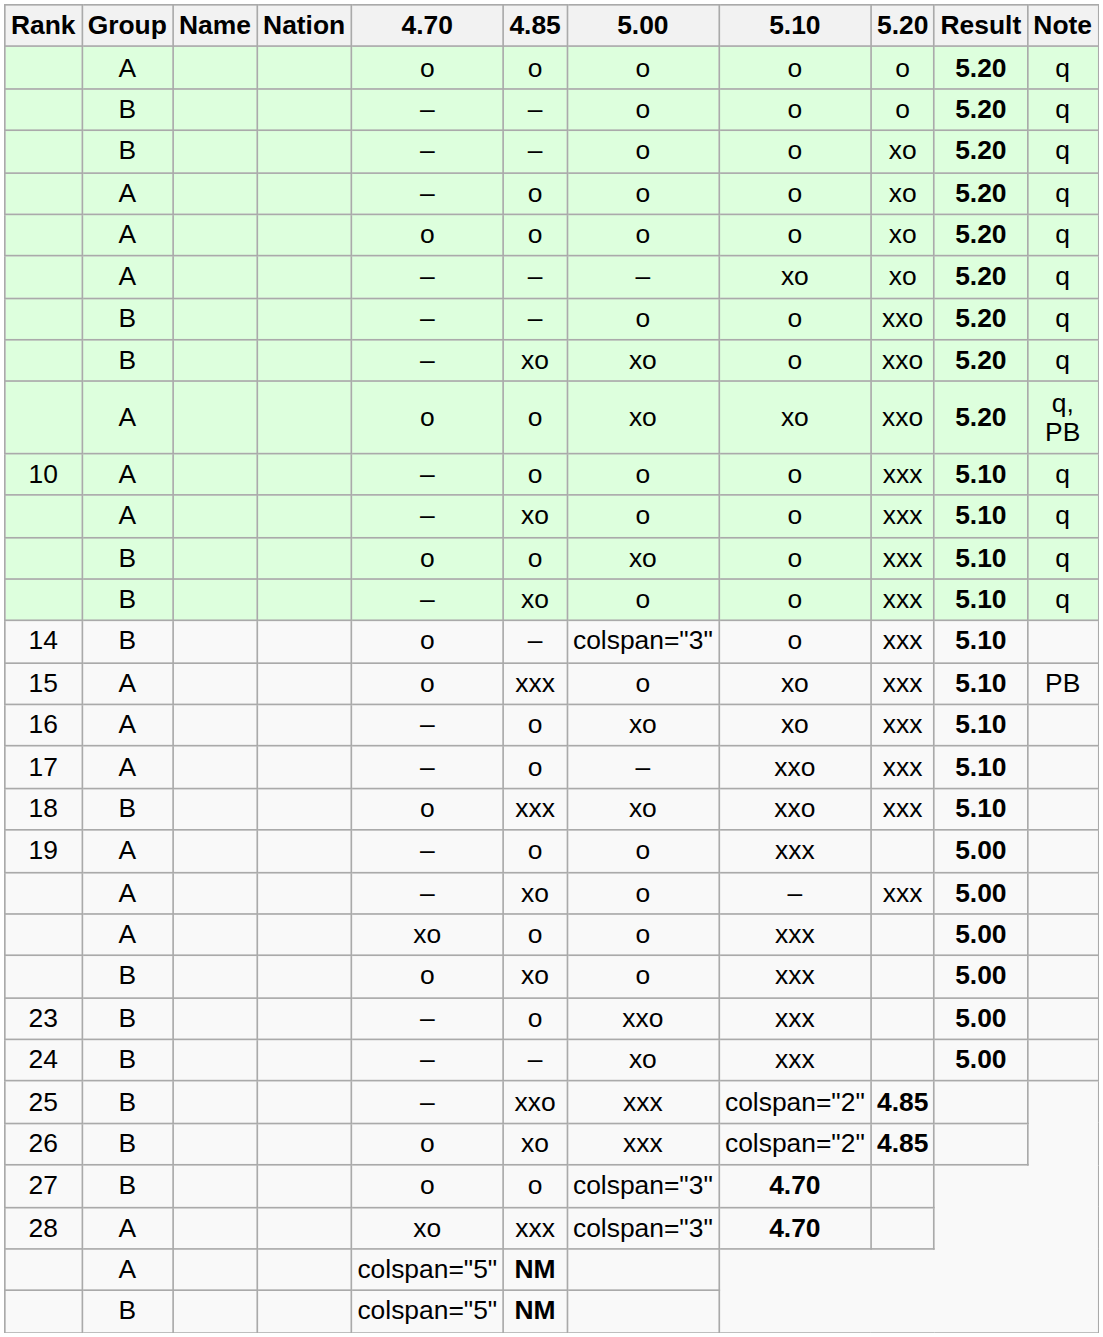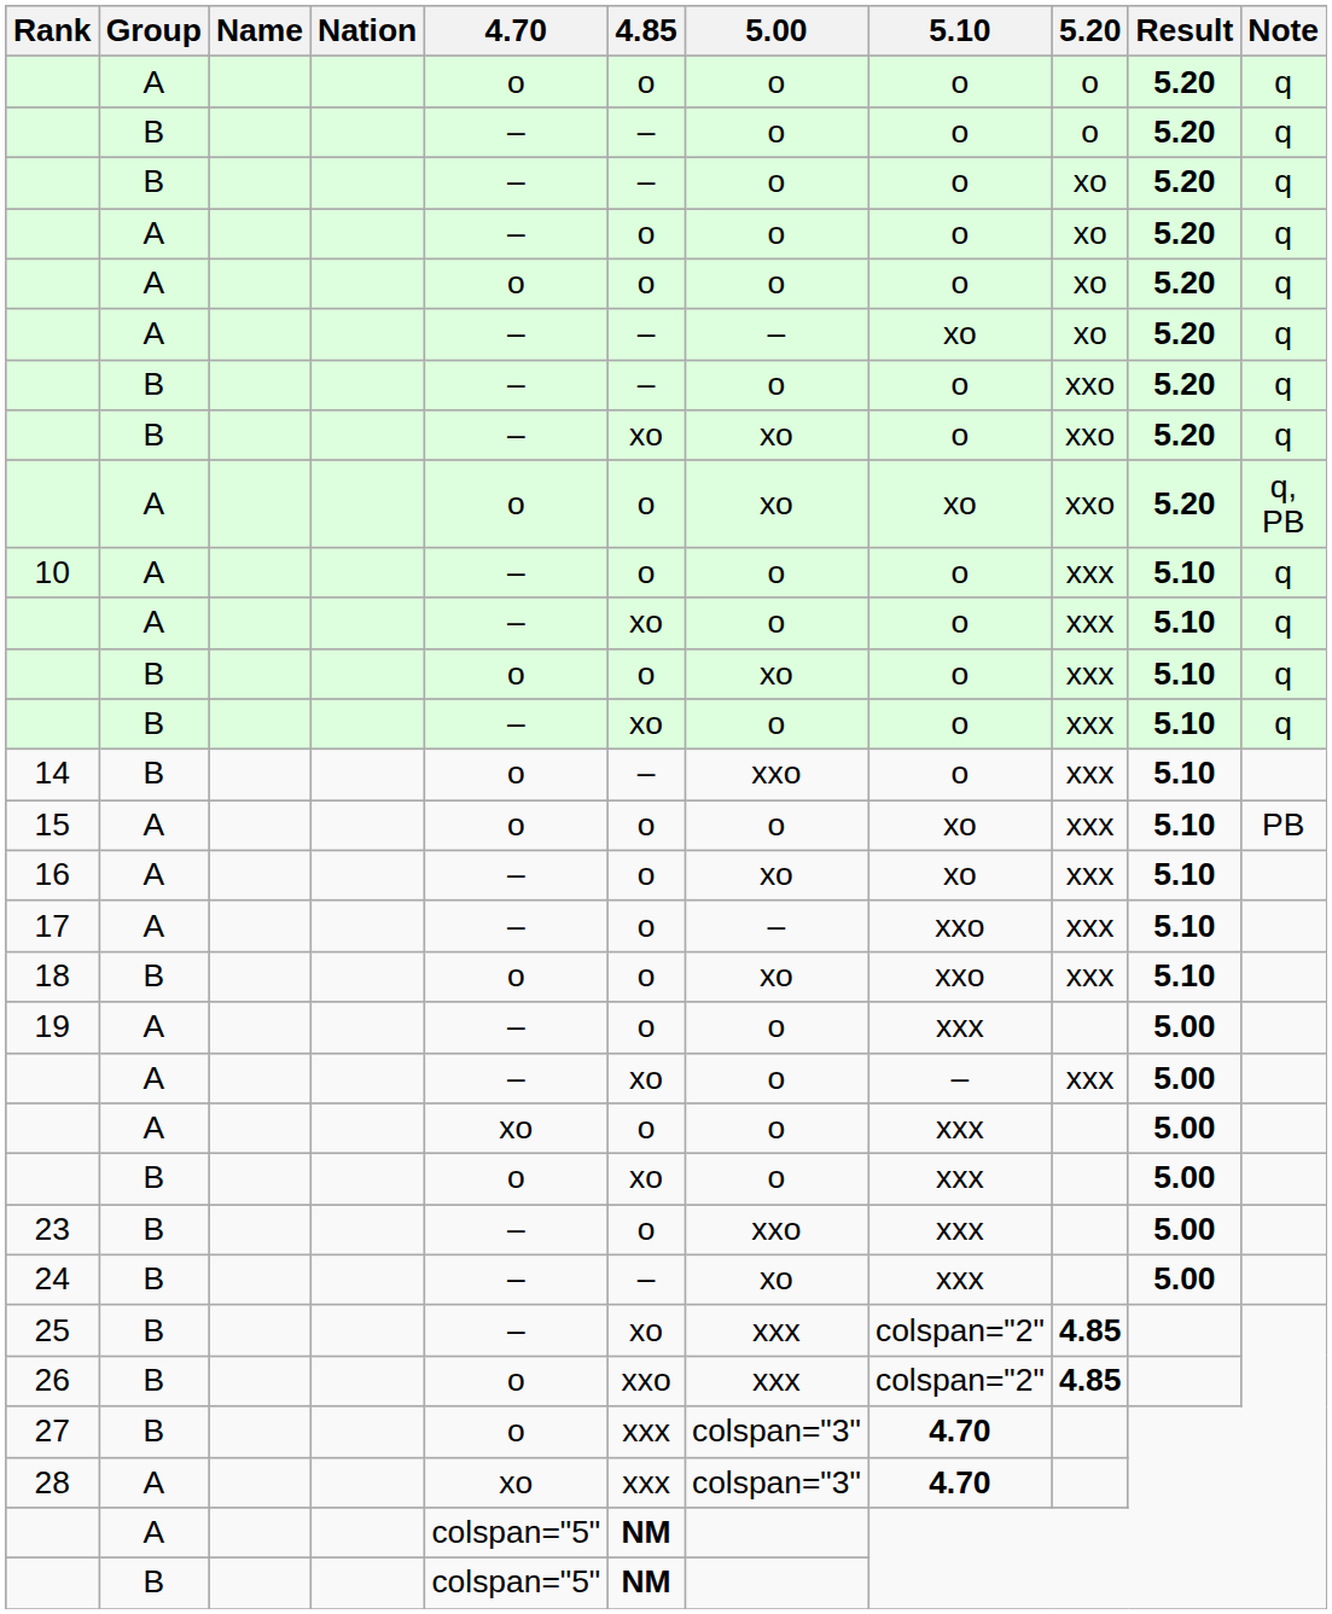 <table class="wikitable sortable" style="text-align:center">
 <tr>
 <th>Rank</th>
 <th>Group</th>
 <th>Name</th>
 <th>Nation</th>
 <th>4.70</th>
 <th>4.85</th>
 <th>5.00</th>
 <th>5.10</th>
 <th>5.20</th>
 <th>Result</th>
 <th>Note</th>
 </tr>
 <tr bgcolor=ddffdd>
 <td></td>
 <td>A</td>
 <td align=left></td>
 <td align=left></td>
 <td>o</td>
 <td>o</td>
 <td>o</td>
 <td>o</td>
 <td>o</td>
 <td><strong>5.20</strong></td>
 <td>q</td>
 </tr>
 <tr bgcolor=ddffdd>
 <td></td>
 <td>B</td>
 <td align=left></td>
 <td align=left></td>
 <td>–</td>
 <td>–</td>
 <td>o</td>
 <td>o</td>
 <td>o</td>
 <td><strong>5.20</strong></td>
 <td>q</td>
 </tr>
 <tr bgcolor=ddffdd>
 <td></td>
 <td>B</td>
 <td align=left></td>
 <td align=left></td>
 <td>–</td>
 <td>–</td>
 <td>o</td>
 <td>o</td>
 <td>xo</td>
 <td><strong>5.20</strong></td>
 <td>q</td>
 </tr>
 <tr bgcolor=ddffdd>
 <td></td>
 <td>A</td>
 <td align=left></td>
 <td align=left></td>
 <td>–</td>
 <td>o</td>
 <td>o</td>
 <td>o</td>
 <td>xo</td>
 <td><strong>5.20</strong></td>
 <td>q</td>
 </tr>
 <tr bgcolor=ddffdd>
 <td></td>
 <td>A</td>
 <td align=left></td>
 <td align=left></td>
 <td>o</td>
 <td>o</td>
 <td>o</td>
 <td>o</td>
 <td>xo</td>
 <td><strong>5.20</strong></td>
 <td>q</td>
 </tr>
 <tr bgcolor=ddffdd>
 <td></td>
 <td>A</td>
 <td align=left></td>
 <td align=left></td>
 <td>–</td>
 <td>–</td>
 <td>–</td>
 <td>xo</td>
 <td>xo</td>
 <td><strong>5.20</strong></td>
 <td>q</td>
 </tr>
 <tr bgcolor=ddffdd>
 <td></td>
 <td>B</td>
 <td align=left></td>
 <td align=left></td>
 <td>–</td>
 <td>–</td>
 <td>o</td>
 <td>o</td>
 <td>xxo</td>
 <td><strong>5.20</strong></td>
 <td>q</td>
 </tr>
 <tr bgcolor=ddffdd>
 <td></td>
 <td>B</td>
 <td align=left></td>
 <td align=left></td>
 <td>–</td>
 <td>xo</td>
 <td>xo</td>
 <td>o</td>
 <td>xxo</td>
 <td><strong>5.20</strong></td>
 <td>q</td>
 </tr>
 <tr bgcolor=ddffdd>
 <td></td>
 <td>A</td>
 <td align=left></td>
 <td align=left></td>
 <td>o</td>
 <td>o</td>
 <td>xo</td>
 <td>xo</td>
 <td>xxo</td>
 <td><strong>5.20</strong></td>
 <td>q, PB</td>
 </tr>
 <tr bgcolor=ddffdd>
 <td>10</td>
 <td>A</td>
 <td align=left></td>
 <td align=left></td>
 <td>–</td>
 <td>o</td>
 <td>o</td>
 <td>o</td>
 <td>xxx</td>
 <td><strong>5.10</strong></td>
 <td>q</td>
 </tr>
 <tr bgcolor=ddffdd>
 <td></td>
 <td>A</td>
 <td align=left></td>
 <td align=left></td>
 <td>–</td>
 <td>xo</td>
 <td>o</td>
 <td>o</td>
 <td>xxx</td>
 <td><strong>5.10</strong></td>
 <td>q</td>
 </tr>
 <tr bgcolor=ddffdd>
 <td></td>
 <td>B</td>
 <td align=left></td>
 <td align=left></td>
 <td>o</td>
 <td>o</td>
 <td>xo</td>
 <td>o</td>
 <td>xxx</td>
 <td><strong>5.10</strong></td>
 <td>q</td>
 </tr>
 <tr bgcolor=ddffdd>
 <td></td>
 <td>B</td>
 <td align=left></td>
 <td align=left></td>
 <td>–</td>
 <td>xo</td>
 <td>o</td>
 <td>o</td>
 <td>xxx</td>
 <td><strong>5.10</strong></td>
 <td>q</td>
 </tr>
 <tr>
 <td>14</td>
 <td>B</td>
 <td align=left></td>
 <td align=left></td>
 <td>o</td>
 <td>–</td>
-<td>colspan="3" </td>
+<td>xxo</td>
 <td>o</td>
 <td>xxx</td>
 <td><strong>5.10</strong></td>
 <td></td>
 </tr>
 <tr>
 <td>15</td>
 <td>A</td>
 <td align=left></td>
 <td align=left></td>
 <td>o</td>
-<td>xxx</td>
+<td>o</td>
 <td>o</td>
 <td>xo</td>
 <td>xxx</td>
 <td><strong>5.10</strong></td>
 <td>PB</td>
 </tr>
 <tr>
 <td>16</td>
 <td>A</td>
 <td align=left></td>
 <td align=left></td>
 <td>–</td>
 <td>o</td>
 <td>xo</td>
 <td>xo</td>
 <td>xxx</td>
 <td><strong>5.10</strong></td>
 <td></td>
 </tr>
 <tr>
 <td>17</td>
 <td>A</td>
 <td align=left></td>
 <td align=left></td>
 <td>–</td>
 <td>o</td>
 <td>–</td>
 <td>xxo</td>
 <td>xxx</td>
 <td><strong>5.10</strong></td>
 <td></td>
 </tr>
 <tr>
 <td>18</td>
 <td>B</td>
 <td align=left></td>
 <td align=left></td>
 <td>o</td>
-<td>xxx</td>
+<td>o</td>
 <td>xo</td>
 <td>xxo</td>
 <td>xxx</td>
 <td><strong>5.10</strong></td>
 <td></td>
 </tr>
 <tr>
 <td>19</td>
 <td>A</td>
 <td align=left></td>
 <td align=left></td>
 <td>–</td>
 <td>o</td>
 <td>o</td>
 <td>xxx</td>
 <td></td>
 <td><strong>5.00</strong></td>
 <td></td>
 </tr>
 <tr>
 <td></td>
 <td>A</td>
 <td align=left></td>
 <td align=left></td>
 <td>–</td>
 <td>xo</td>
 <td>o</td>
 <td>–</td>
 <td>xxx</td>
 <td><strong>5.00</strong></td>
 <td></td>
 </tr>
 <tr>
 <td></td>
 <td>A</td>
 <td align=left></td>
 <td align=left></td>
 <td>xo</td>
 <td>o</td>
 <td>o</td>
 <td>xxx</td>
 <td></td>
 <td><strong>5.00</strong></td>
 <td></td>
 </tr>
 <tr>
 <td></td>
 <td>B</td>
 <td align=left></td>
 <td align=left></td>
 <td>o</td>
 <td>xo</td>
 <td>o</td>
 <td>xxx</td>
 <td></td>
 <td><strong>5.00</strong></td>
 <td></td>
 </tr>
 <tr>
 <td>23</td>
 <td>B</td>
 <td align=left></td>
 <td align=left></td>
 <td>–</td>
 <td>o</td>
 <td>xxo</td>
 <td>xxx</td>
 <td></td>
 <td><strong>5.00</strong></td>
 <td></td>
 </tr>
 <tr>
 <td>24</td>
 <td>B</td>
 <td align=left></td>
 <td align=left></td>
 <td>–</td>
 <td>–</td>
 <td>xo</td>
 <td>xxx</td>
 <td></td>
 <td><strong>5.00</strong></td>
 <td></td>
 </tr>
 <tr>
 <td>25</td>
 <td>B</td>
 <td align=left></td>
 <td align=left></td>
 <td>–</td>
-<td>xxo</td>
+<td>xo</td>
 <td>xxx</td>
 <td>colspan="2" </td>
 <td><strong>4.85</strong></td>
 <td></td>
 </tr>
 <tr>
 <td>26</td>
 <td>B</td>
 <td align=left></td>
 <td align=left></td>
 <td>o</td>
-<td>xo</td>
+<td>xxo</td>
 <td>xxx</td>
 <td>colspan="2" </td>
 <td><strong>4.85</strong></td>
 <td></td>
 </tr>
 <tr>
 <td>27</td>
 <td>B</td>
 <td align=left></td>
 <td align=left></td>
 <td>o</td>
-<td>o</td>
+<td>xxx</td>
 <td>colspan="3" </td>
 <td><strong>4.70</strong></td>
 <td></td>
 </tr>
 <tr>
 <td>28</td>
 <td>A</td>
 <td align=left></td>
 <td align=left></td>
 <td>xo</td>
 <td>xxx</td>
 <td>colspan="3" </td>
 <td><strong>4.70</strong></td>
 <td></td>
 </tr>
 <tr>
 <td></td>
 <td>A</td>
 <td align=left></td>
 <td align=left></td>
 <td>colspan="5" </td>
 <td><strong>NM</strong></td>
 <td></td>
 </tr>
 <tr>
 <td></td>
 <td>B</td>
 <td align=left></td>
 <td align=left></td>
 <td>colspan="5" </td>
 <td><strong>NM</strong></td>
 <td></td>
 </tr>
 </table>
